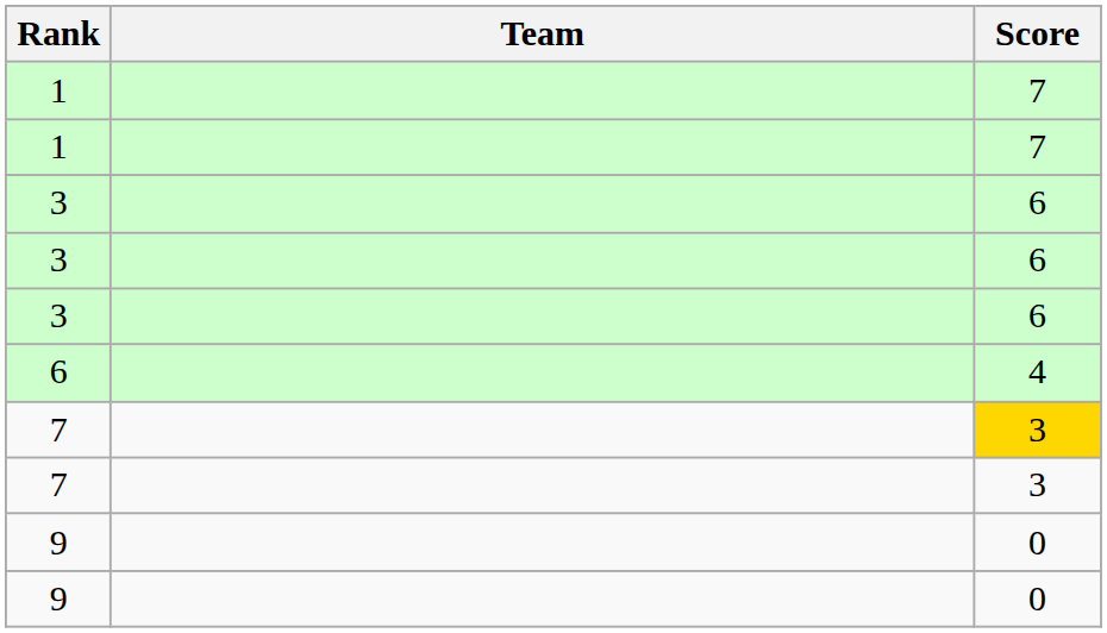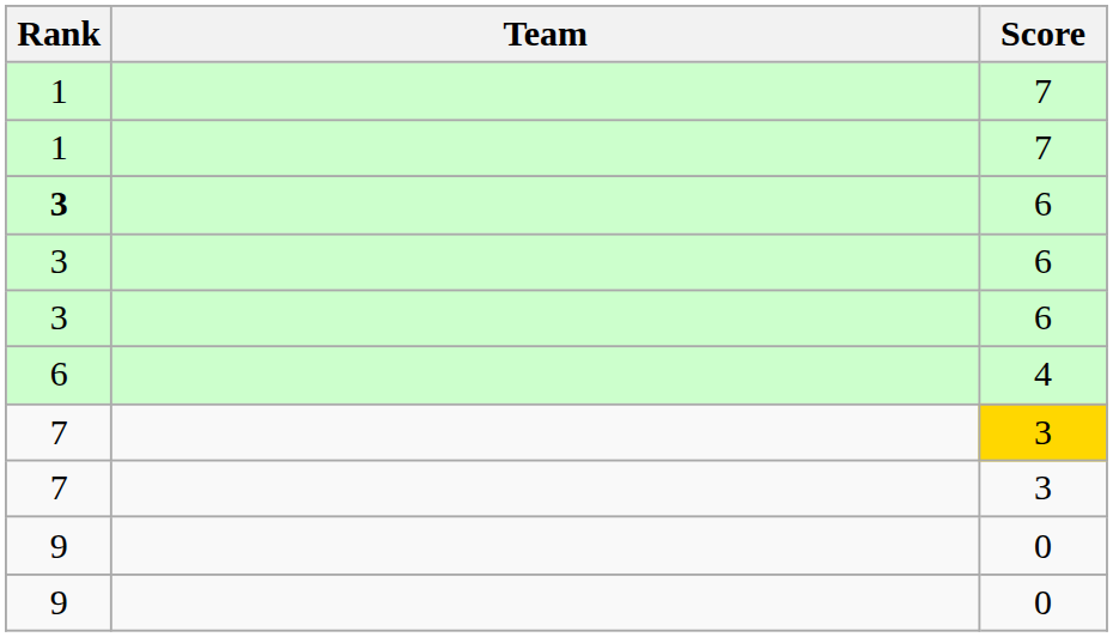 <table class="wikitable" style="text-align:center">
 <tr>
 <th width=40>Rank</th>
 <th width=380>Team</th>
 <th width=50>Score</th>
 </tr>
 <tr bgcolor="ccffcc">
 <td>1</td>
 <td align=left></td>
 <td>7</td>
 </tr>
 <tr bgcolor="ccffcc">
 <td>1</td>
 <td align=left></td>
 <td>7</td>
 </tr>
 <tr bgcolor="ccffcc">
-<td>3</td>
+<td><strong>3</strong></td>
 <td align=left></td>
 <td>6</td>
 </tr>
 <tr bgcolor="ccffcc">
 <td>3</td>
 <td align=left></td>
 <td>6</td>
 </tr>
 <tr bgcolor="ccffcc">
 <td>3</td>
 <td align=left></td>
 <td>6</td>
 </tr>
 <tr bgcolor="ccffcc">
 <td>6</td>
 <td align=left></td>
 <td>4</td>
 </tr>
 <tr>
 <td>7</td>
 <td align=left></td>
 <td style="background: gold;">3</td>
 </tr>
 <tr>
 <td>7</td>
 <td align=left></td>
 <td>3</td>
 </tr>
 <tr>
 <td>9</td>
 <td align=left></td>
 <td>0</td>
 </tr>
 <tr>
 <td>9</td>
 <td align=left></td>
 <td>0</td>
 </tr>
 </table>
